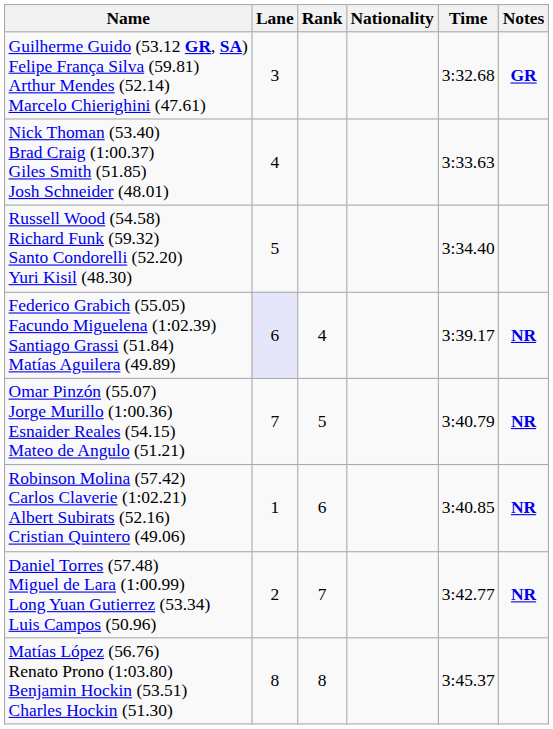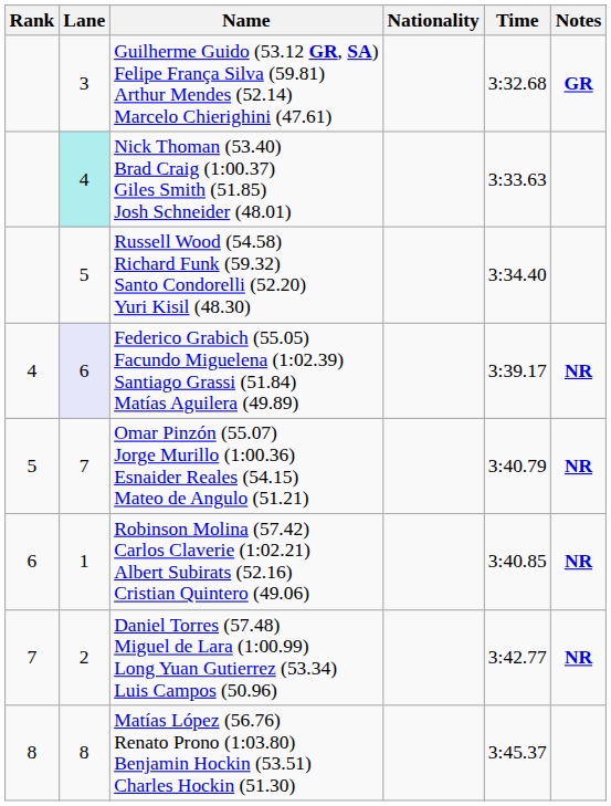 <table class="wikitable sortable" style="text-align:center">
 <tr>
+<th>Rank</th>
+<th>Lane</th>
 <th>Name</th>
-<th>Lane</th>
-<th>Rank</th>
 <th>Nationality</th>
 <th>Time</th>
 <th>Notes</th>
 </tr>
 <tr>
+<td></td>
+<td>3</td>
 <td align=left><a href='#'>Guilherme Guido</a> (53.12 <strong><a href='#'>GR</a></strong>, <strong><a href='#'>SA</a></strong>) <br> <a href='#'>Felipe França Silva</a> (59.81) <br> <a href='#'>Arthur Mendes</a> (52.14) <br> <a href='#'>Marcelo Chierighini</a> (47.61)</td>
-<td>3</td>
-<td></td>
 <td align=left></td>
 <td>3:32.68</td>
 <td><strong><a href='#'>GR</a></strong></td>
 </tr>
 <tr>
+<td></td>
+<td style="background: paleturquoise;">4</td>
 <td align=left><a href='#'>Nick Thoman</a> (53.40) <br> <a href='#'>Brad Craig</a> (1:00.37) <br> <a href='#'>Giles Smith</a> (51.85) <br> <a href='#'>Josh Schneider</a> (48.01)</td>
-<td>4</td>
-<td></td>
 <td align=left></td>
 <td>3:33.63</td>
 <td></td>
 </tr>
 <tr>
+<td></td>
+<td>5</td>
 <td align=left><a href='#'>Russell Wood</a> (54.58) <br> <a href='#'>Richard Funk</a> (59.32) <br> <a href='#'>Santo Condorelli</a> (52.20) <br> <a href='#'>Yuri Kisil</a> (48.30)</td>
-<td>5</td>
-<td></td>
 <td align=left></td>
 <td>3:34.40</td>
 <td></td>
 </tr>
 <tr>
+<td>4</td>
+<td style="background: lavender;">6</td>
 <td align=left><a href='#'>Federico Grabich</a> (55.05) <br> <a href='#'>Facundo Miguelena</a> (1:02.39) <br> <a href='#'>Santiago Grassi</a> (51.84) <br> <a href='#'>Matías Aguilera</a> (49.89)</td>
-<td style="background: lavender;">6</td>
-<td>4</td>
 <td align=left></td>
 <td>3:39.17</td>
 <td><strong><a href='#'>NR</a></strong></td>
 </tr>
 <tr>
+<td>5</td>
+<td>7</td>
 <td align=left><a href='#'>Omar Pinzón</a> (55.07)<br><a href='#'>Jorge Murillo</a> (1:00.36)<br><a href='#'>Esnaider Reales</a> (54.15)<br><a href='#'>Mateo de Angulo</a> (51.21)</td>
-<td>7</td>
-<td>5</td>
 <td align=left></td>
 <td>3:40.79</td>
 <td><strong><a href='#'>NR</a></strong></td>
 </tr>
 <tr>
+<td>6</td>
+<td>1</td>
 <td align=left><a href='#'>Robinson Molina</a> (57.42)<br><a href='#'>Carlos Claverie</a> (1:02.21)<br><a href='#'>Albert Subirats</a> (52.16)<br><a href='#'>Cristian Quintero</a> (49.06)</td>
-<td>1</td>
-<td>6</td>
 <td align=left></td>
 <td>3:40.85</td>
 <td><strong><a href='#'>NR</a></strong></td>
 </tr>
 <tr>
+<td>7</td>
+<td>2</td>
 <td align=left><a href='#'>Daniel Torres</a> (57.48)<br><a href='#'>Miguel de Lara</a> (1:00.99)<br><a href='#'>Long Yuan Gutierrez</a> (53.34)<br><a href='#'>Luis Campos</a> (50.96)</td>
-<td>2</td>
-<td>7</td>
 <td align=left></td>
 <td>3:42.77</td>
 <td><strong><a href='#'>NR</a></strong></td>
 </tr>
 <tr>
-<td align=left><a href='#'>Matías López</a> (56.76)<br>Renato Prono (1:03.80)<br><a href='#'>Benjamin Hockin</a> (53.51)<br><a href='#'>Charles Hockin</a> (51.30)</td>
 <td>8</td>
 <td>8</td>
+<td align=left><a href='#'>Matías López</a> (56.76)<br>Renato Prono (1:03.80)<br><a href='#'>Benjamin Hockin</a> (53.51)<br><a href='#'>Charles Hockin</a> (51.30)</td>
 <td align=left></td>
 <td>3:45.37</td>
 <td></td>
 </tr>
 </table>
